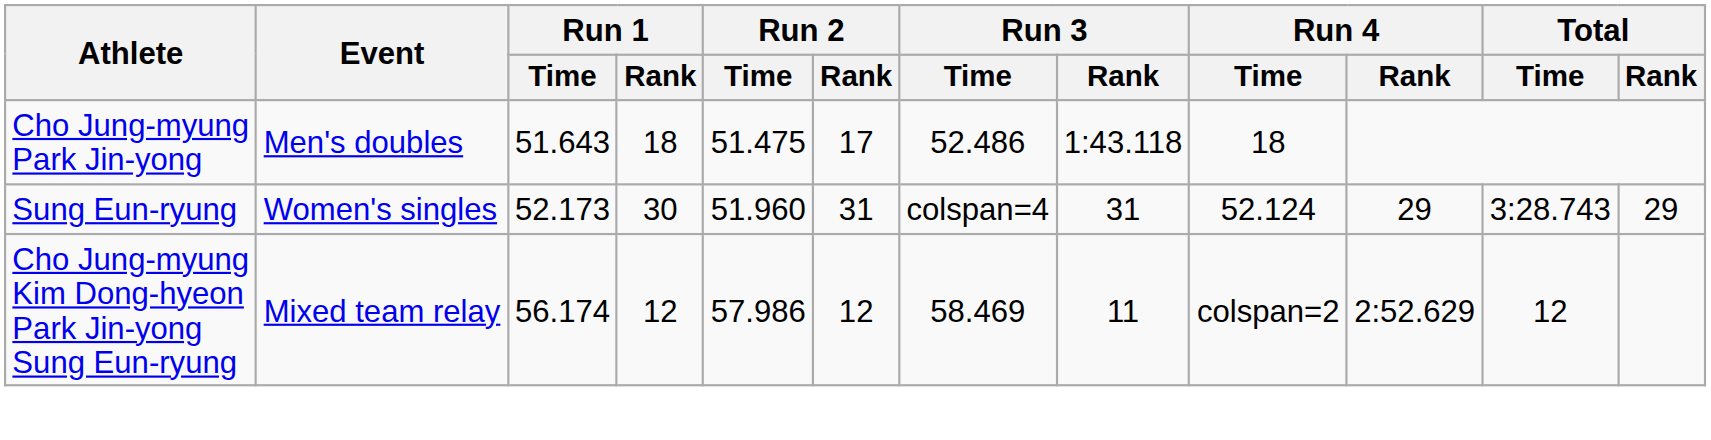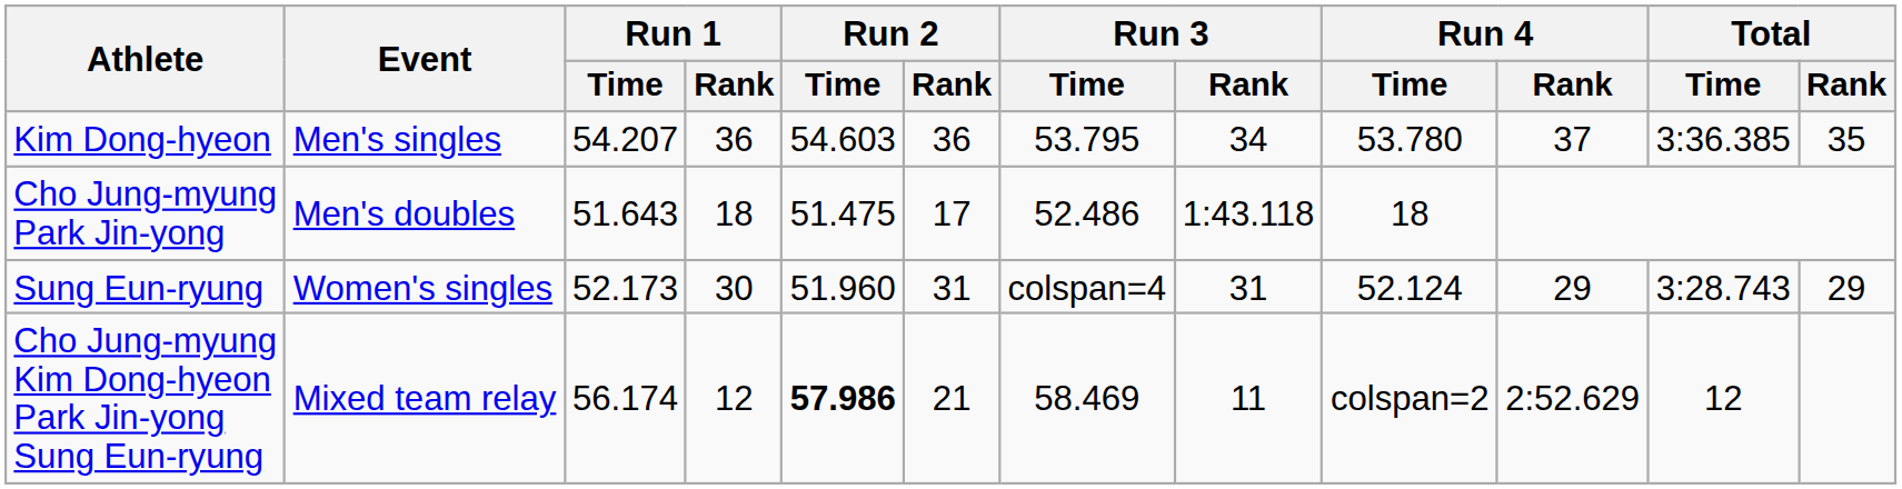 <table class="wikitable" style="font-size:90%">
 <tr>
 <th rowspan="2">Athlete</th>
 <th rowspan="2">Event</th>
 <th colspan=2>Run 1</th>
 <th colspan=2>Run 2</th>
 <th colspan=2>Run 3</th>
 <th colspan=2>Run 4</th>
 <th colspan=2>Total</th>
 </tr>
 <tr style="font-size:95%">
 <th>Time</th>
 <th>Rank</th>
 <th>Time</th>
 <th>Rank</th>
 <th>Time</th>
 <th>Rank</th>
 <th>Time</th>
 <th>Rank</th>
 <th>Time</th>
 <th>Rank</th>
+</tr>
+<tr align=center>
+<td align=left><a href='#'>Kim Dong-hyeon</a></td>
+<td align=left><a href='#'>Men's singles</a></td>
+<td>54.207</td>
+<td>36</td>
+<td>54.603</td>
+<td>36</td>
+<td>53.795</td>
+<td>34</td>
+<td>53.780</td>
+<td>37</td>
+<td>3:36.385</td>
+<td>35</td>
 </tr>
 <tr align=center>
 <td align=left><a href='#'>Cho Jung-myung</a><br><a href='#'>Park Jin-yong</a></td>
 <td align=left><a href='#'>Men's doubles</a></td>
 <td>51.643</td>
 <td>18</td>
 <td>51.475</td>
 <td>17</td>
 <td>52.486</td>
 <td>1:43.118</td>
 <td>18</td>
 </tr>
 <tr align=center>
 <td align=left><a href='#'>Sung Eun-ryung</a></td>
 <td align=left><a href='#'>Women's singles</a></td>
 <td>52.173</td>
 <td>30</td>
 <td>51.960</td>
 <td>31</td>
 <td>colspan=4 </td>
 <td>31</td>
 <td>52.124</td>
 <td>29</td>
 <td>3:28.743</td>
 <td>29</td>
 </tr>
 <tr align=center>
 <td align=left><a href='#'>Cho Jung-myung</a><br><a href='#'>Kim Dong-hyeon</a><br><a href='#'>Park Jin-yong</a><br><a href='#'>Sung Eun-ryung</a></td>
 <td align=left><a href='#'>Mixed team relay</a></td>
 <td>56.174</td>
 <td>12</td>
-<td>57.986</td>
-<td>12</td>
+<td><strong>57.986</strong></td>
+<td>21</td>
 <td>58.469</td>
 <td>11</td>
 <td>colspan=2 </td>
 <td>2:52.629</td>
 <td>12</td>
 </tr>
 </table>
